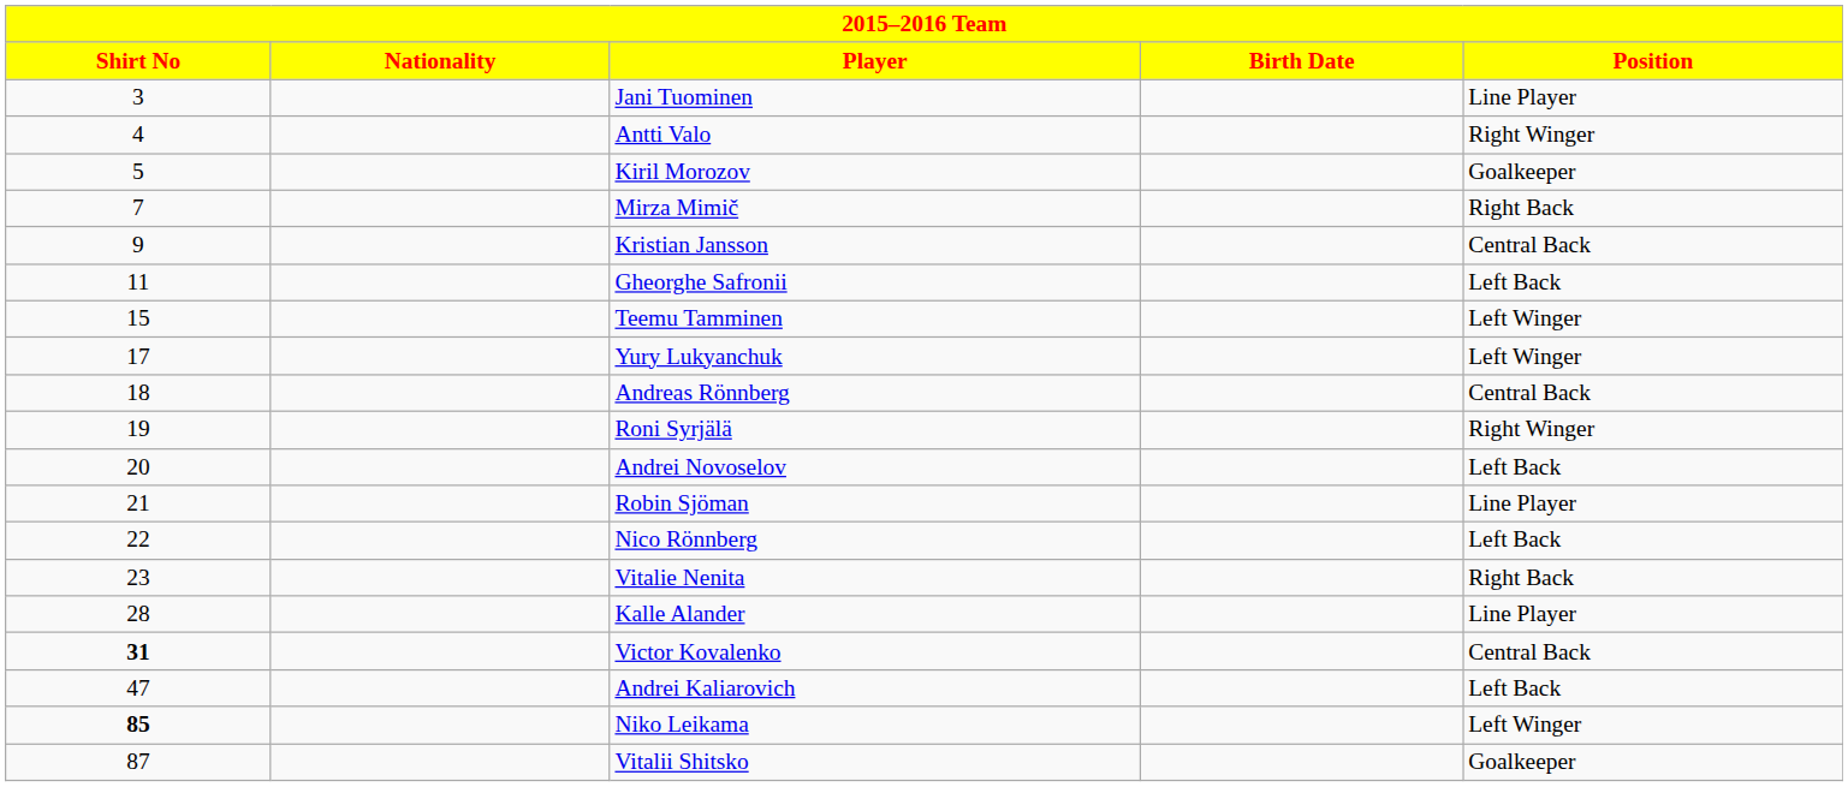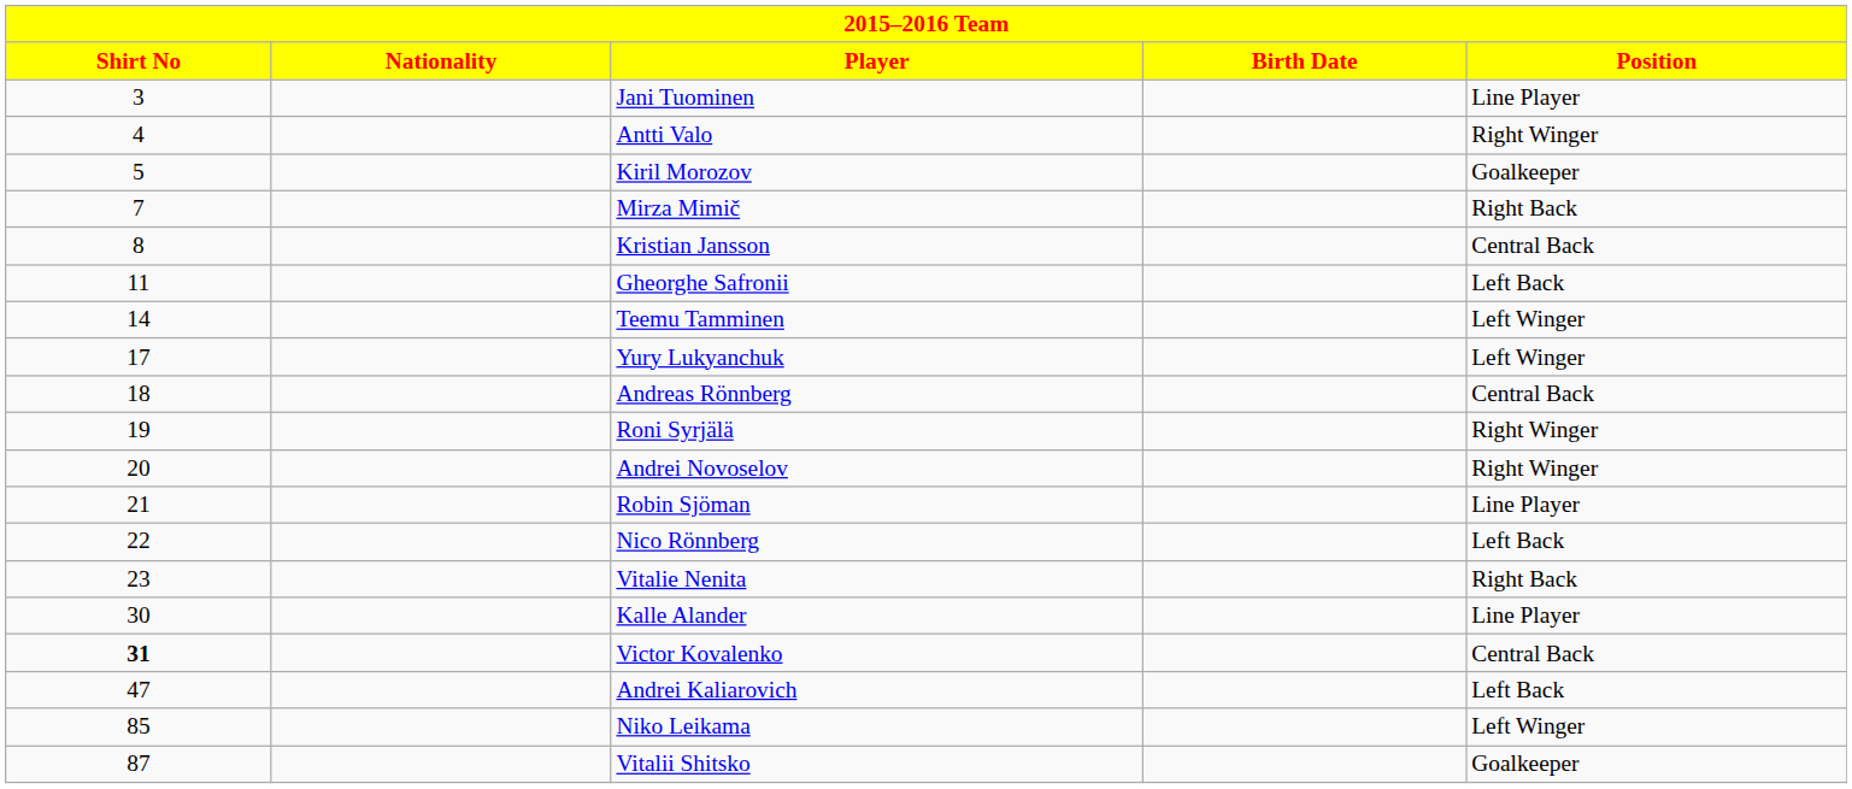 <table class="wikitable collapsible collapsed" style="width:100%">
 <tr>
 <th colspan=5 style="background-color:yellow;color:red;text-align:center;"><strong>2015–2016 Team</strong></th>
 </tr>
 <tr>
 <th style="color:red; background:yellow">Shirt No</th>
 <th style="color:red; background:yellow">Nationality</th>
 <th style="color:red; background:yellow">Player</th>
 <th style="color:red; background:yellow">Birth Date</th>
 <th style="color:red; background:yellow">Position</th>
 </tr>
 <tr>
 <td align=center>3</td>
 <td></td>
 <td><a href='#'>Jani Tuominen</a></td>
 <td></td>
 <td>Line Player</td>
 </tr>
 <tr>
 <td align=center>4</td>
 <td></td>
 <td><a href='#'>Antti Valo</a></td>
 <td></td>
 <td>Right Winger</td>
 </tr>
 <tr>
 <td align=center>5</td>
 <td></td>
 <td><a href='#'>Kiril Morozov</a></td>
 <td></td>
 <td>Goalkeeper</td>
 </tr>
 <tr>
 <td align=center>7</td>
 <td></td>
 <td><a href='#'>Mirza Mimič</a></td>
 <td></td>
 <td>Right Back</td>
 </tr>
 <tr>
-<td align=center>9</td>
+<td align=center>8</td>
 <td></td>
 <td><a href='#'>Kristian Jansson</a></td>
 <td></td>
 <td>Central Back</td>
 </tr>
 <tr>
 <td align=center>11</td>
 <td></td>
 <td><a href='#'>Gheorghe Safronii</a></td>
 <td></td>
 <td>Left Back</td>
 </tr>
 <tr>
-<td align=center>15</td>
+<td align=center>14</td>
 <td></td>
 <td><a href='#'>Teemu Tamminen</a></td>
 <td></td>
 <td>Left Winger</td>
 </tr>
 <tr>
 <td align=center>17</td>
 <td></td>
 <td><a href='#'>Yury Lukyanchuk</a></td>
 <td></td>
 <td>Left Winger</td>
 </tr>
 <tr>
 <td align=center>18</td>
 <td></td>
 <td><a href='#'>Andreas Rönnberg</a></td>
 <td></td>
 <td>Central Back</td>
 </tr>
 <tr>
 <td align=center>19</td>
 <td></td>
 <td><a href='#'>Roni Syrjälä</a></td>
 <td></td>
 <td>Right Winger</td>
 </tr>
 <tr>
 <td align=center>20</td>
 <td></td>
 <td><a href='#'>Andrei Novoselov</a></td>
 <td></td>
-<td>Left Back</td>
+<td>Right Winger</td>
 </tr>
 <tr>
 <td align=center>21</td>
 <td></td>
 <td><a href='#'>Robin Sjöman</a></td>
 <td></td>
 <td>Line Player</td>
 </tr>
 <tr>
 <td align=center>22</td>
 <td></td>
 <td><a href='#'>Nico Rönnberg</a></td>
 <td></td>
 <td>Left Back</td>
 </tr>
 <tr>
 <td align=center>23</td>
 <td></td>
 <td><a href='#'>Vitalie Nenita</a></td>
 <td></td>
 <td>Right Back</td>
 </tr>
 <tr>
-<td align=center>28</td>
+<td align=center>30</td>
 <td></td>
 <td><a href='#'>Kalle Alander</a></td>
 <td></td>
 <td>Line Player</td>
 </tr>
 <tr>
 <td align=center><strong>31</strong></td>
 <td></td>
 <td><a href='#'>Victor Kovalenko</a></td>
 <td></td>
 <td>Central Back</td>
 </tr>
 <tr>
 <td align=center>47</td>
 <td></td>
 <td><a href='#'>Andrei Kaliarovich</a></td>
 <td></td>
 <td>Left Back</td>
 </tr>
 <tr>
-<td align=center><strong>85</strong></td>
+<td align=center>85</td>
 <td></td>
 <td><a href='#'>Niko Leikama</a></td>
 <td></td>
 <td>Left Winger</td>
 </tr>
 <tr>
 <td align=center>87</td>
 <td></td>
 <td><a href='#'>Vitalii Shitsko</a></td>
 <td></td>
 <td>Goalkeeper</td>
 </tr>
 </table>
